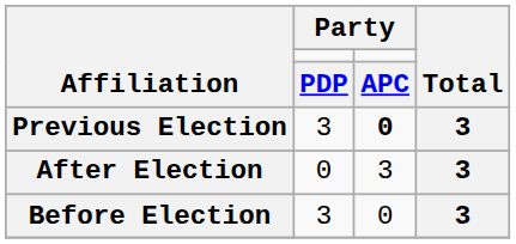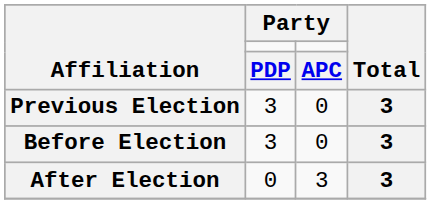 <table class=wikitable style="text-align:center">
 <tr style="vertical-align:bottom;">
 <th rowspan=3>Affiliation</th>
 <th colspan=2>Party</th>
 <th rowspan=3>Total</th>
 </tr>
 <tr>
 <td style="background-color:"></td>
 <td style="background-color:"></td>
 </tr>
 <tr>
 <th><a href='#'>PDP</a></th>
 <th><a href='#'>APC</a></th>
 </tr>
 <tr>
 <th>Previous Election</th>
 <td>3</td>
-<td><strong>0</strong></td>
+<td>0</td>
+<th>3</th>
+</tr>
+<tr>
+<th>Before Election</th>
+<td>3</td>
+<td>0</td>
 <th>3</th>
 </tr>
 <tr>
 <th>After Election</th>
 <td>0</td>
 <td>3</td>
 <th>3</th>
 </tr>
 <tr>
-<th>Before Election</th>
-<td>3</td>
-<td>0</td>
-<th>3</th>
-</tr>
-<tr>
 </tr>
 </table>
